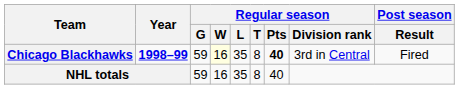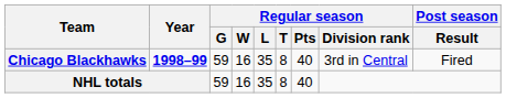 <table class="wikitable" style="font-size: 95%; text-align:center;">
 <tr>
 <th rowspan="2">Team</th>
 <th rowspan="2">Year</th>
 <th colspan="6"><a href='#'>Regular season</a></th>
 <th colspan="1"><a href='#'>Post season</a></th>
 </tr>
 <tr>
 <th>G</th>
 <th>W</th>
 <th>L</th>
 <th>T</th>
 <th>Pts</th>
 <th>Division rank</th>
 <th>Result</th>
 </tr>
 <tr>
 <th><a href='#'>Chicago Blackhawks</a></th>
 <td><strong><a href='#'>1998–99</a></strong></td>
 <td>59</td>
-<td style="background: lightyellow;">16</td>
+<td>16</td>
 <td>35</td>
 <td>8</td>
-<td><strong>40</strong></td>
+<td>40</td>
 <td>3rd in <a href='#'>Central</a></td>
 <td>Fired</td>
 </tr>
 <tr>
 <th colspan="2">NHL totals</th>
 <td>59</td>
 <td>16</td>
 <td>35</td>
 <td>8</td>
 <td>40</td>
 </tr>
 </table>
